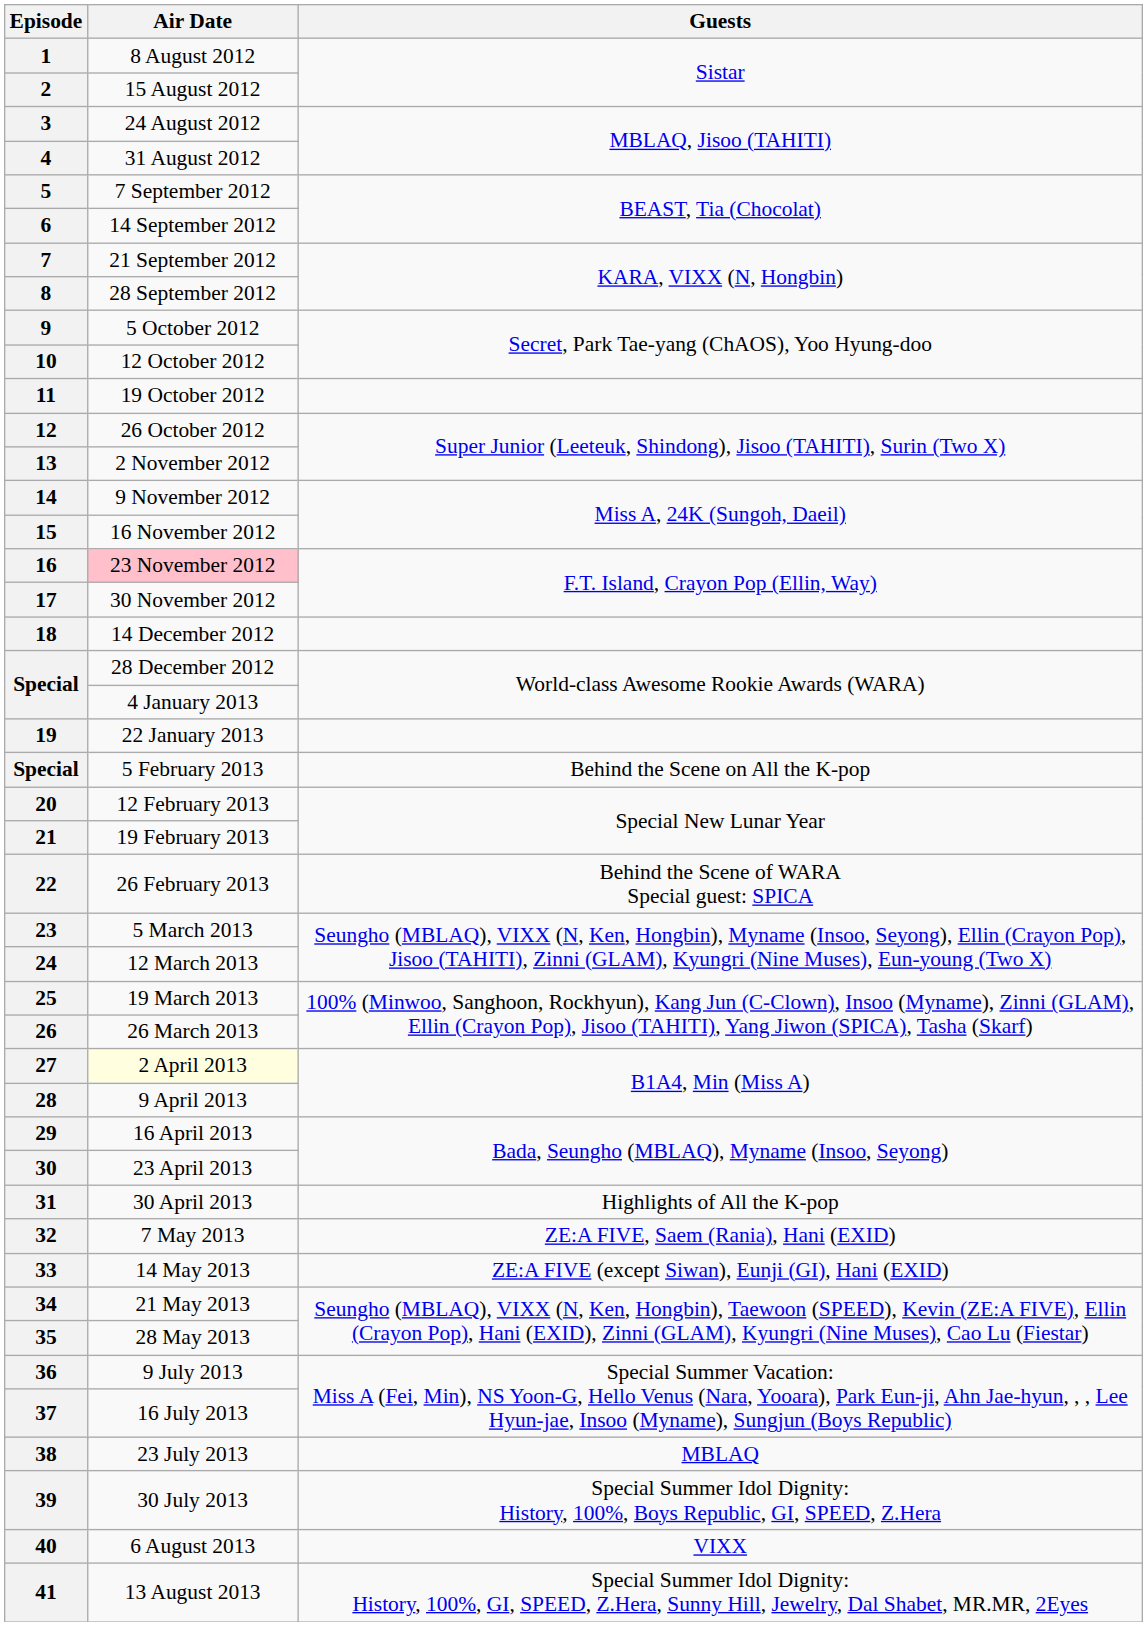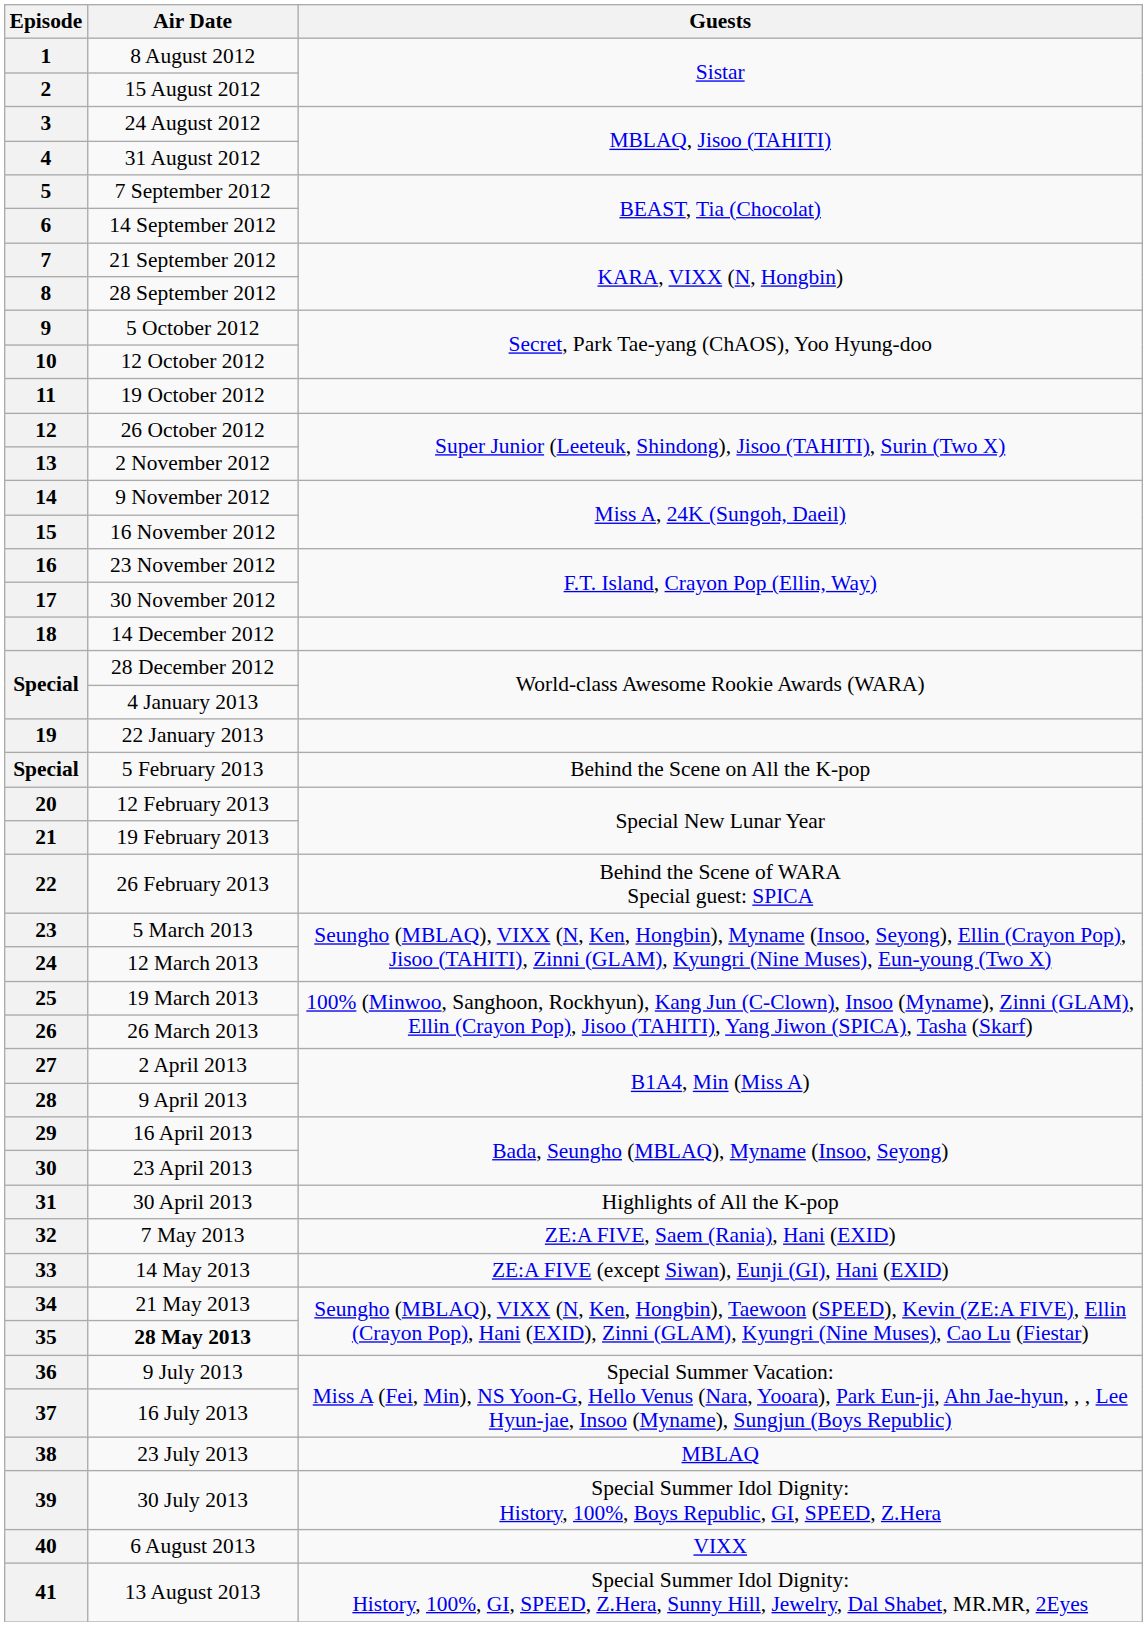 <table class="wikitable" style="text-align:center; width:850px;">
 <tr>
 <th width="50px">Episode</th>
 <th width="150px">Air Date</th>
 <th>Guests</th>
 </tr>
 <tr>
 <th>1</th>
 <td>8 August 2012</td>
 <td rowspan=2><a href='#'>Sistar</a></td>
 </tr>
 <tr>
 <th>2</th>
 <td>15 August 2012</td>
 </tr>
 <tr>
 <th>3</th>
 <td>24 August 2012</td>
 <td rowspan=2><a href='#'>MBLAQ</a>, <a href='#'>Jisoo (TAHITI)</a></td>
 </tr>
 <tr>
 <th>4</th>
 <td>31 August 2012</td>
 </tr>
 <tr>
 <th>5</th>
 <td>7 September 2012</td>
 <td rowspan=2><a href='#'>BEAST</a>, <a href='#'>Tia (Chocolat)</a></td>
 </tr>
 <tr>
 <th>6</th>
 <td>14 September 2012</td>
 </tr>
 <tr>
 <th>7</th>
 <td>21 September 2012</td>
 <td rowspan=2><a href='#'>KARA</a>, <a href='#'>VIXX</a> (<a href='#'>N</a>, <a href='#'>Hongbin</a>)</td>
 </tr>
 <tr>
 <th>8</th>
 <td>28 September 2012</td>
 </tr>
 <tr>
 <th>9</th>
 <td>5 October 2012</td>
 <td rowspan=2><a href='#'>Secret</a>, Park Tae-yang (ChAOS), Yoo Hyung-doo</td>
 </tr>
 <tr>
 <th>10</th>
 <td>12 October 2012</td>
 </tr>
 <tr>
 <th>11</th>
 <td>19 October 2012</td>
 <td></td>
 </tr>
 <tr>
 <th>12</th>
 <td>26 October 2012</td>
 <td rowspan=2><a href='#'>Super Junior</a> (<a href='#'>Leeteuk</a>, <a href='#'>Shindong</a>), <a href='#'>Jisoo (TAHITI)</a>, <a href='#'>Surin (Two X)</a></td>
 </tr>
 <tr>
 <th>13</th>
 <td>2 November 2012</td>
 </tr>
 <tr>
 <th>14</th>
 <td>9 November 2012</td>
 <td rowspan=2><a href='#'>Miss A</a>, <a href='#'>24K (Sungoh, Daeil)</a></td>
 </tr>
 <tr>
 <th>15</th>
 <td>16 November 2012</td>
 </tr>
 <tr>
 <th>16</th>
-<td style="background: pink;">23 November 2012</td>
+<td>23 November 2012</td>
 <td rowspan=2><a href='#'>F.T. Island</a>, <a href='#'>Crayon Pop (Ellin, Way)</a></td>
 </tr>
 <tr>
 <th>17</th>
 <td>30 November 2012</td>
 </tr>
 <tr>
 <th>18</th>
 <td>14 December 2012</td>
 <td></td>
 </tr>
 <tr>
 <th rowspan=2>Special</th>
 <td>28 December 2012</td>
 <td rowspan=2>World-class Awesome Rookie Awards (WARA)</td>
 </tr>
 <tr>
 <td>4 January 2013</td>
 </tr>
 <tr>
 <th>19</th>
 <td>22 January 2013</td>
 <td></td>
 </tr>
 <tr>
 <th>Special</th>
 <td>5 February 2013</td>
 <td>Behind the Scene on All the K-pop</td>
 </tr>
 <tr>
 <th>20</th>
 <td>12 February 2013</td>
 <td rowspan=2>Special New Lunar Year</td>
 </tr>
 <tr>
 <th>21</th>
 <td>19 February 2013</td>
 </tr>
 <tr>
 <th>22</th>
 <td>26 February 2013</td>
 <td>Behind the Scene of WARA<br>Special guest: <a href='#'>SPICA</a></td>
 </tr>
 <tr>
 <th>23</th>
 <td>5 March 2013</td>
 <td rowspan=2><a href='#'>Seungho</a> (<a href='#'>MBLAQ</a>), <a href='#'>VIXX</a> (<a href='#'>N</a>, <a href='#'>Ken</a>, <a href='#'>Hongbin</a>), <a href='#'>Myname</a> (<a href='#'>Insoo</a>, <a href='#'>Seyong</a>), <a href='#'>Ellin (Crayon Pop)</a>, <a href='#'>Jisoo (TAHITI)</a>, <a href='#'>Zinni (GLAM)</a>, <a href='#'>Kyungri (Nine Muses)</a>, <a href='#'>Eun-young (Two X)</a></td>
 </tr>
 <tr>
 <th>24</th>
 <td>12 March 2013</td>
 </tr>
 <tr>
 <th>25</th>
 <td>19 March 2013</td>
 <td rowspan=2><a href='#'>100%</a> (<a href='#'>Minwoo</a>, Sanghoon, Rockhyun), <a href='#'>Kang Jun (C-Clown)</a>, <a href='#'>Insoo</a> (<a href='#'>Myname</a>), <a href='#'>Zinni (GLAM)</a>, <a href='#'>Ellin (Crayon Pop)</a>, <a href='#'>Jisoo (TAHITI)</a>, <a href='#'>Yang Jiwon (SPICA)</a>, <a href='#'>Tasha</a> (<a href='#'>Skarf</a>)</td>
 </tr>
 <tr>
 <th>26</th>
 <td>26 March 2013</td>
 </tr>
 <tr>
 <th>27</th>
-<td style="background: lightyellow;">2 April 2013</td>
+<td>2 April 2013</td>
 <td rowspan=2><a href='#'>B1A4</a>, <a href='#'>Min</a> (<a href='#'>Miss A</a>)</td>
 </tr>
 <tr>
 <th>28</th>
 <td>9 April 2013</td>
 </tr>
 <tr>
 <th>29</th>
 <td>16 April 2013</td>
 <td rowspan=2><a href='#'>Bada</a>, <a href='#'>Seungho</a> (<a href='#'>MBLAQ</a>), <a href='#'>Myname</a> (<a href='#'>Insoo</a>, <a href='#'>Seyong</a>)</td>
 </tr>
 <tr>
 <th>30</th>
 <td>23 April 2013</td>
 </tr>
 <tr>
 <th>31</th>
 <td>30 April 2013</td>
 <td>Highlights of All the K-pop</td>
 </tr>
 <tr>
 <th>32</th>
 <td>7 May 2013</td>
 <td><a href='#'>ZE:A FIVE</a>, <a href='#'>Saem (Rania)</a>, <a href='#'>Hani</a> (<a href='#'>EXID</a>)</td>
 </tr>
 <tr>
 <th>33</th>
 <td>14 May 2013</td>
 <td><a href='#'>ZE:A FIVE</a> (except <a href='#'>Siwan</a>), <a href='#'>Eunji (GI)</a>, <a href='#'>Hani</a> (<a href='#'>EXID</a>)</td>
 </tr>
 <tr>
 <th>34</th>
 <td>21 May 2013</td>
 <td rowspan=2><a href='#'>Seungho</a> (<a href='#'>MBLAQ</a>), <a href='#'>VIXX</a> (<a href='#'>N</a>, <a href='#'>Ken</a>, <a href='#'>Hongbin</a>), <a href='#'>Taewoon</a> (<a href='#'>SPEED</a>), <a href='#'>Kevin (ZE:A FIVE)</a>, <a href='#'>Ellin (Crayon Pop)</a>, <a href='#'>Hani</a> (<a href='#'>EXID</a>), <a href='#'>Zinni (GLAM)</a>, <a href='#'>Kyungri (Nine Muses)</a>, <a href='#'>Cao Lu</a> (<a href='#'>Fiestar</a>)</td>
 </tr>
 <tr>
 <th>35</th>
-<td>28 May 2013</td>
+<td><strong>28 May 2013</strong></td>
 </tr>
 <tr>
 <th>36</th>
 <td>9 July 2013</td>
 <td rowspan=2>Special Summer Vacation:<br><a href='#'>Miss A</a> (<a href='#'>Fei</a>, <a href='#'>Min</a>), <a href='#'>NS Yoon-G</a>, <a href='#'>Hello Venus</a> (<a href='#'>Nara</a>, <a href='#'>Yooara</a>), <a href='#'>Park Eun-ji</a>, <a href='#'>Ahn Jae-hyun</a>, , , <a href='#'>Lee Hyun-jae</a>, <a href='#'>Insoo</a> (<a href='#'>Myname</a>), <a href='#'>Sungjun (Boys Republic)</a></td>
 </tr>
 <tr>
 <th rowspan=2>37</th>
 <td rowspan=2>16 July 2013</td>
 </tr>
 <tr>
 <td rowspan=2><a href='#'>MBLAQ</a></td>
 </tr>
 <tr>
 <th>38</th>
 <td>23 July 2013</td>
 </tr>
 <tr>
 <th>39</th>
 <td>30 July 2013</td>
 <td>Special Summer Idol Dignity:<br><a href='#'>History</a>, <a href='#'>100%</a>, <a href='#'>Boys Republic</a>, <a href='#'>GI</a>, <a href='#'>SPEED</a>, <a href='#'>Z.Hera</a></td>
 </tr>
 <tr>
 <th>40</th>
 <td>6 August 2013</td>
 <td><a href='#'>VIXX</a></td>
 </tr>
 <tr>
 <th>41</th>
 <td>13 August 2013</td>
 <td>Special Summer Idol Dignity:<br><a href='#'>History</a>, <a href='#'>100%</a>, <a href='#'>GI</a>, <a href='#'>SPEED</a>, <a href='#'>Z.Hera</a>, <a href='#'>Sunny Hill</a>, <a href='#'>Jewelry</a>, <a href='#'>Dal Shabet</a>, MR.MR, <a href='#'>2Eyes</a></td>
 </tr>
 </table>
